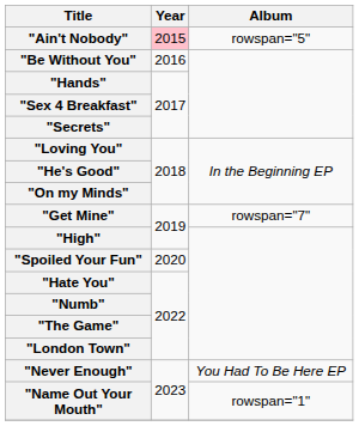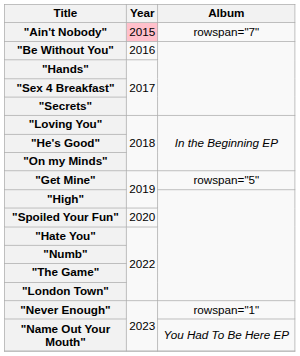 <table class="wikitable plainrowheaders" style="text-align:center;">
 <tr>
 <th scope="col" style="width:160px;">Title</th>
 <th scope="col">Year</th>
 <th scope="col" style="width:180px;">Album</th>
 </tr>
 <tr>
 <th scope="row">"Ain't Nobody"</th>
 <td style="background: pink;">2015</td>
-<td>rowspan="5" </td>
+<td>rowspan="7"  </td>
 </tr>
 <tr>
 <th scope="row">"Be Without You"</th>
 <td>2016</td>
 </tr>
 <tr>
 <th scope="row">"Hands"<br></th>
 <td rowspan="3">2017</td>
 </tr>
 <tr>
 <th scope="row">"Sex 4 Breakfast"</th>
 </tr>
 <tr>
 <th scope="row">"Secrets"<br></th>
 </tr>
 <tr>
 <th scope="row">"Loving You"</th>
 <td rowspan="3">2018</td>
 <td rowspan="3"><em>In the Beginning EP</em></td>
 </tr>
 <tr>
 <th scope="row">"He's Good"</th>
 </tr>
 <tr>
 <th scope="row">"On my Minds"</th>
 </tr>
 <tr>
 <th scope="row">"Get Mine"</th>
 <td rowspan="2">2019</td>
-<td>rowspan="7"  </td>
+<td>rowspan="5" </td>
 </tr>
 <tr>
 <th scope="row">"High"<br></th>
 </tr>
 <tr>
 <th scope="row">"Spoiled Your Fun"</th>
 <td rowspan="1">2020</td>
 </tr>
 <tr>
 <th scope="row">"Hate You"</th>
 <td rowspan="4">2022</td>
 </tr>
 <tr>
 <th scope="row">"Numb"<br></th>
 </tr>
 <tr>
 <th scope="row">"The Game"<br></th>
 </tr>
 <tr>
 <th scope="row">"London Town"<br></th>
 </tr>
 <tr>
 <th scope="row">"Never Enough"</th>
 <td rowspan="2">2023</td>
-<td rowspan="1"><em>You Had To Be Here EP</em></td>
+<td>rowspan="1"  </td>
 </tr>
 <tr>
 <th scope="row">"Name Out Your Mouth"</th>
-<td>rowspan="1"  </td>
+<td rowspan="1"><em>You Had To Be Here EP</em></td>
 </tr>
 <tr>
 </tr>
 </table>
